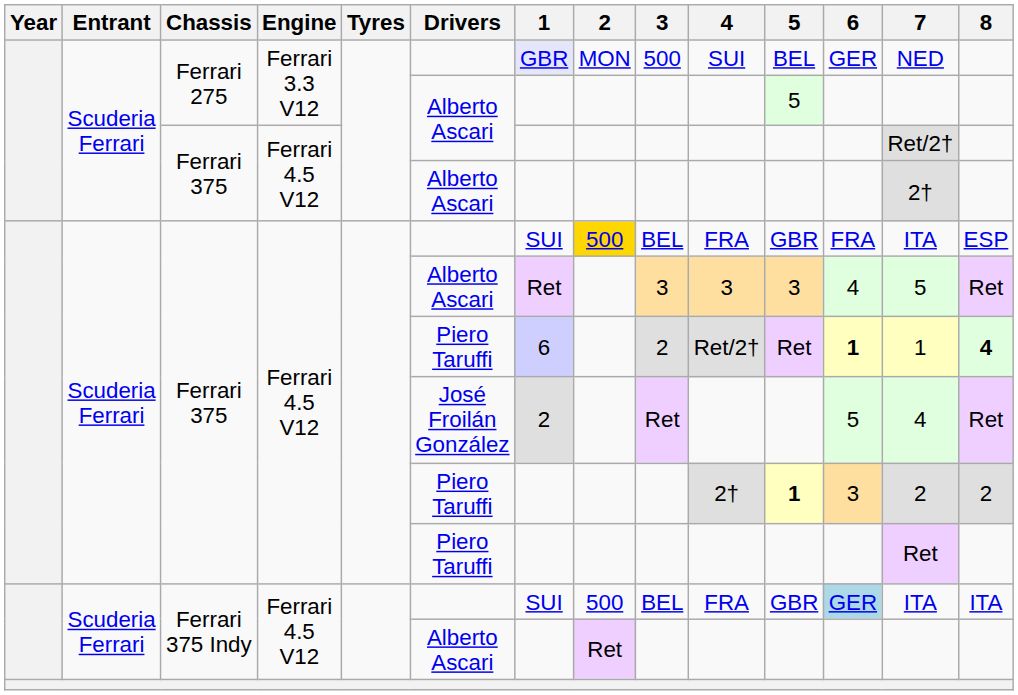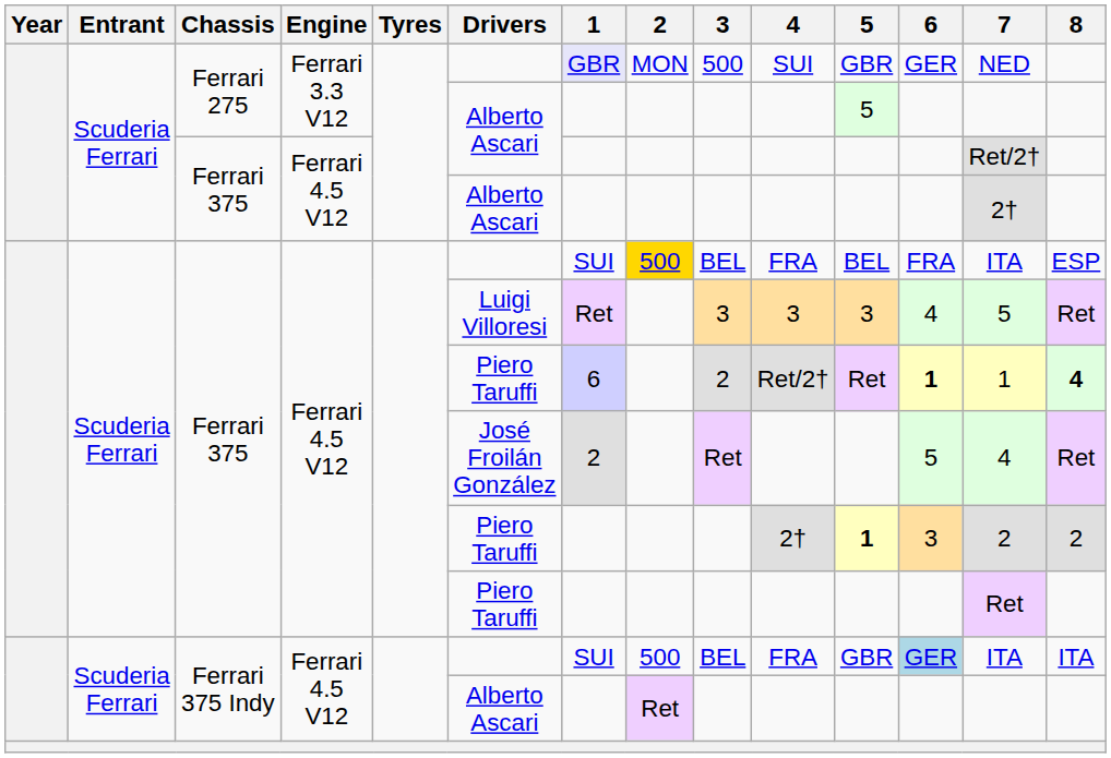 <table class="wikitable" style="text-align:center; font-size:95%">
 <tr>
 <th>Year</th>
 <th>Entrant</th>
 <th>Chassis</th>
 <th>Engine</th>
 <th>Tyres</th>
 <th>Drivers</th>
 <th>1</th>
 <th>2</th>
 <th>3</th>
 <th>4</th>
 <th>5</th>
 <th>6</th>
 <th>7</th>
 <th>8</th>
 </tr>
 <tr>
 <th rowspan="4"></th>
 <td rowspan="4"><a href='#'>Scuderia Ferrari</a></td>
 <td rowspan="2">Ferrari 275</td>
 <td rowspan="2">Ferrari 3.3 V12</td>
 <td rowspan="4"></td>
 <td></td>
 <td style="background: lavender;"><a href='#'>GBR</a></td>
 <td><a href='#'>MON</a></td>
 <td><a href='#'>500</a></td>
 <td><a href='#'>SUI</a></td>
-<td><a href='#'>BEL</a></td>
+<td><a href='#'>GBR</a></td>
 <td><a href='#'>GER</a></td>
 <td><a href='#'>NED</a></td>
 <td></td>
 </tr>
 <tr>
 <td rowspan="2"><a href='#'>Alberto Ascari</a></td>
 <td></td>
 <td></td>
 <td></td>
 <td></td>
 <td style="background:#DFFFDF;">5</td>
 <td></td>
 <td></td>
 <td></td>
 </tr>
 <tr>
 <td rowspan="2">Ferrari 375</td>
 <td rowspan="2">Ferrari 4.5 V12</td>
 <td></td>
 <td></td>
 <td></td>
 <td></td>
 <td></td>
 <td></td>
 <td style="background:#DFDFDF;">Ret/2†</td>
 <td></td>
 </tr>
 <tr>
 <td><a href='#'>Alberto Ascari</a></td>
 <td></td>
 <td></td>
 <td></td>
 <td></td>
 <td></td>
 <td></td>
 <td style="background:#DFDFDF;">2†</td>
 <td></td>
 </tr>
 <tr>
 <th rowspan="6"></th>
 <td rowspan="6"><a href='#'>Scuderia Ferrari</a></td>
 <td rowspan="6">Ferrari 375</td>
 <td rowspan="6">Ferrari 4.5 V12</td>
 <td rowspan="6"></td>
 <td></td>
 <td><a href='#'>SUI</a></td>
 <td style="background: gold;"><a href='#'>500</a></td>
 <td><a href='#'>BEL</a></td>
 <td><a href='#'>FRA</a></td>
-<td><a href='#'>GBR</a></td>
+<td><a href='#'>BEL</a></td>
 <td><a href='#'>FRA</a></td>
 <td><a href='#'>ITA</a></td>
 <td><a href='#'>ESP</a></td>
 </tr>
 <tr>
-<td><a href='#'>Alberto Ascari</a></td>
+<td><a href='#'>Luigi Villoresi</a></td>
 <td style="background:#EFCFFF;">Ret</td>
 <td></td>
 <td style="background:#FFDF9F;">3</td>
 <td style="background:#FFDF9F;">3</td>
 <td style="background:#FFDF9F;">3</td>
 <td style="background:#DFFFDF;">4</td>
 <td style="background:#DFFFDF;">5</td>
 <td style="background:#EFCFFF;">Ret</td>
 </tr>
 <tr>
 <td><a href='#'>Piero Taruffi</a></td>
 <td style="background:#CFCFFF;">6</td>
 <td></td>
 <td style="background:#DFDFDF;">2</td>
 <td style="background:#DFDFDF;">Ret/2†</td>
 <td style="background:#EFCFFF;">Ret</td>
 <td style="background:#FFFFBF;"><strong>1</strong></td>
 <td style="background:#FFFFBF;">1</td>
 <td style="background:#DFFFDF;"><strong>4</strong></td>
 </tr>
 <tr>
 <td><a href='#'>José Froilán González</a></td>
 <td style="background:#DFDFDF;">2</td>
 <td></td>
 <td style="background:#EFCFFF;">Ret</td>
 <td></td>
 <td></td>
 <td style="background:#DFFFDF;">5</td>
 <td style="background:#DFFFDF;">4</td>
 <td style="background:#EFCFFF;">Ret</td>
 </tr>
 <tr>
 <td><a href='#'>Piero Taruffi</a></td>
 <td></td>
 <td></td>
 <td></td>
 <td style="background:#DFDFDF;">2†</td>
 <td style="background:#FFFFBF;"><strong>1</strong></td>
 <td style="background:#FFDF9F;">3</td>
 <td style="background:#DFDFDF;">2</td>
 <td style="background:#DFDFDF;">2</td>
 </tr>
 <tr>
 <td><a href='#'>Piero Taruffi</a></td>
 <td></td>
 <td></td>
 <td></td>
 <td></td>
 <td></td>
 <td></td>
 <td style="background:#EFCFFF;">Ret</td>
 <td></td>
 </tr>
 <tr>
 <th rowspan="2"></th>
 <td rowspan="2"><a href='#'>Scuderia Ferrari</a></td>
 <td rowspan="2">Ferrari 375 Indy</td>
 <td rowspan="2">Ferrari 4.5 V12</td>
 <td rowspan="2"></td>
 <td></td>
 <td><a href='#'>SUI</a></td>
 <td><a href='#'>500</a></td>
 <td><a href='#'>BEL</a></td>
 <td><a href='#'>FRA</a></td>
 <td><a href='#'>GBR</a></td>
 <td style="background: lightblue;"><a href='#'>GER</a></td>
 <td><a href='#'>ITA</a></td>
 <td><a href='#'>ITA</a></td>
 </tr>
 <tr>
 <td><a href='#'>Alberto Ascari</a></td>
 <td></td>
 <td style="background:#EFCFFF;">Ret</td>
 <td></td>
 <td></td>
 <td></td>
 <td></td>
 <td></td>
 <td></td>
 </tr>
 <tr>
 <th colspan="14"></th>
 </tr>
 </table>
